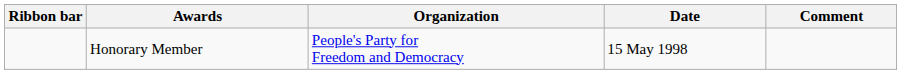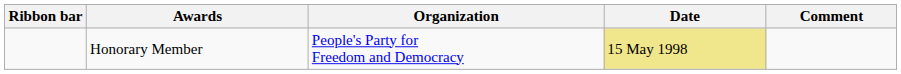 <table class="wikitable" style="width:60%;">
 <tr>
 <th style="width:80px;">Ribbon bar</th>
 <th>Awards</th>
 <th>Organization</th>
 <th>Date</th>
 <th>Comment</th>
 </tr>
 <tr>
 <td></td>
 <td>Honorary Member</td>
 <td><a href='#'>People's Party for <br> Freedom and Democracy</a></td>
-<td>15 May 1998</td>
+<td style="background: khaki;">15 May 1998</td>
 </tr>
 </table>
